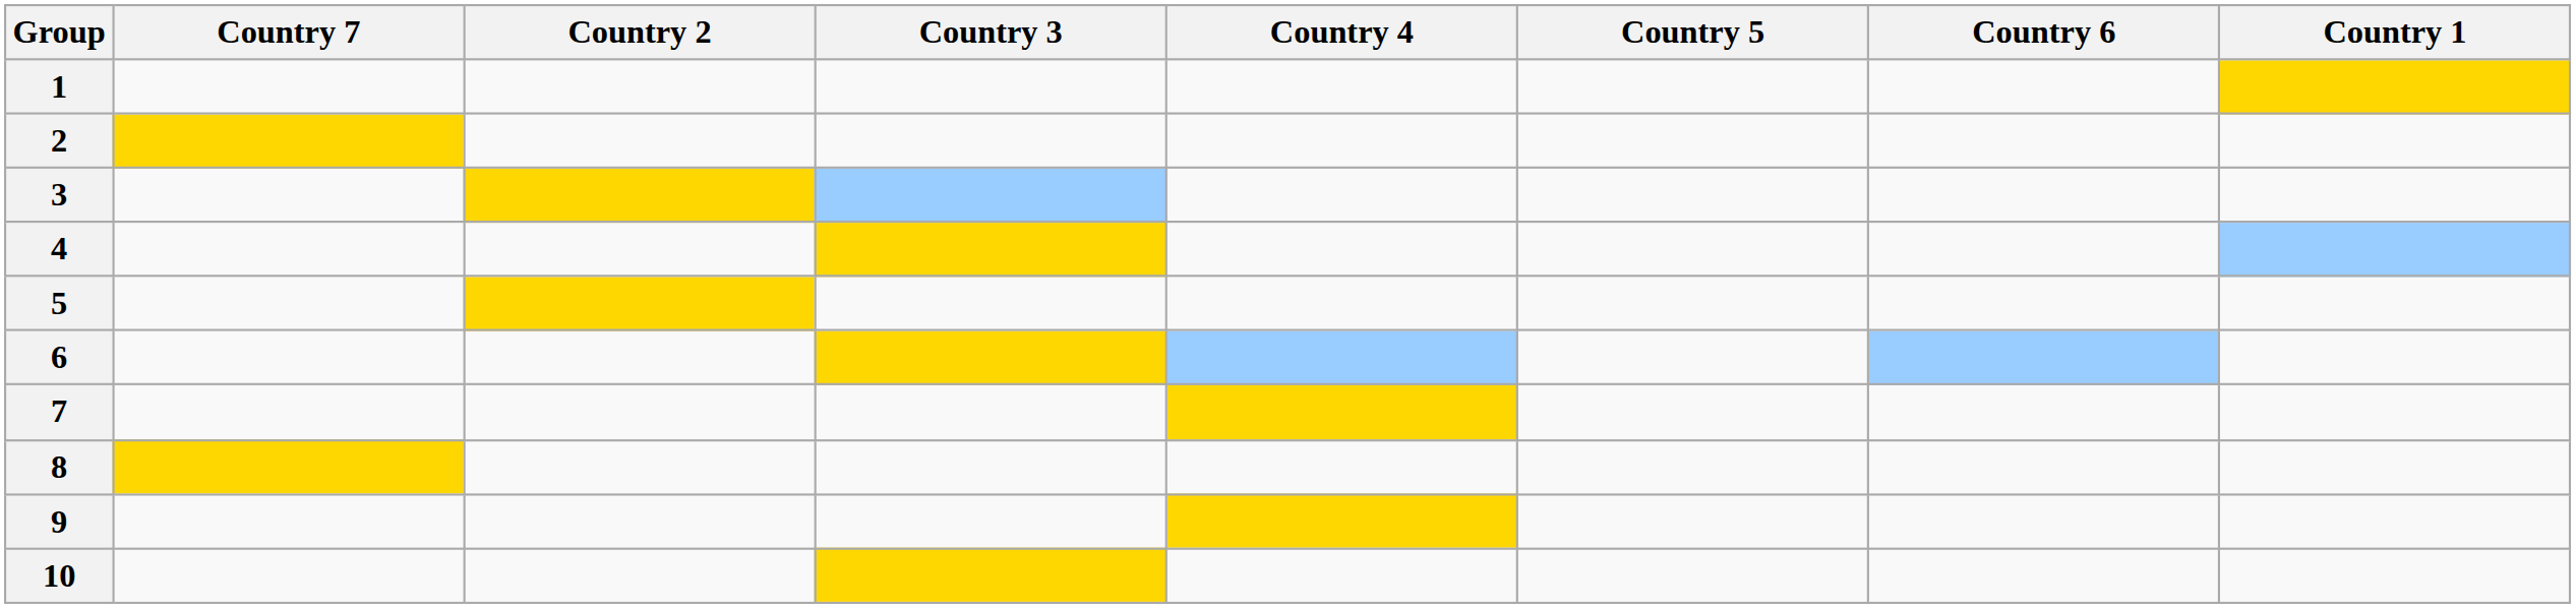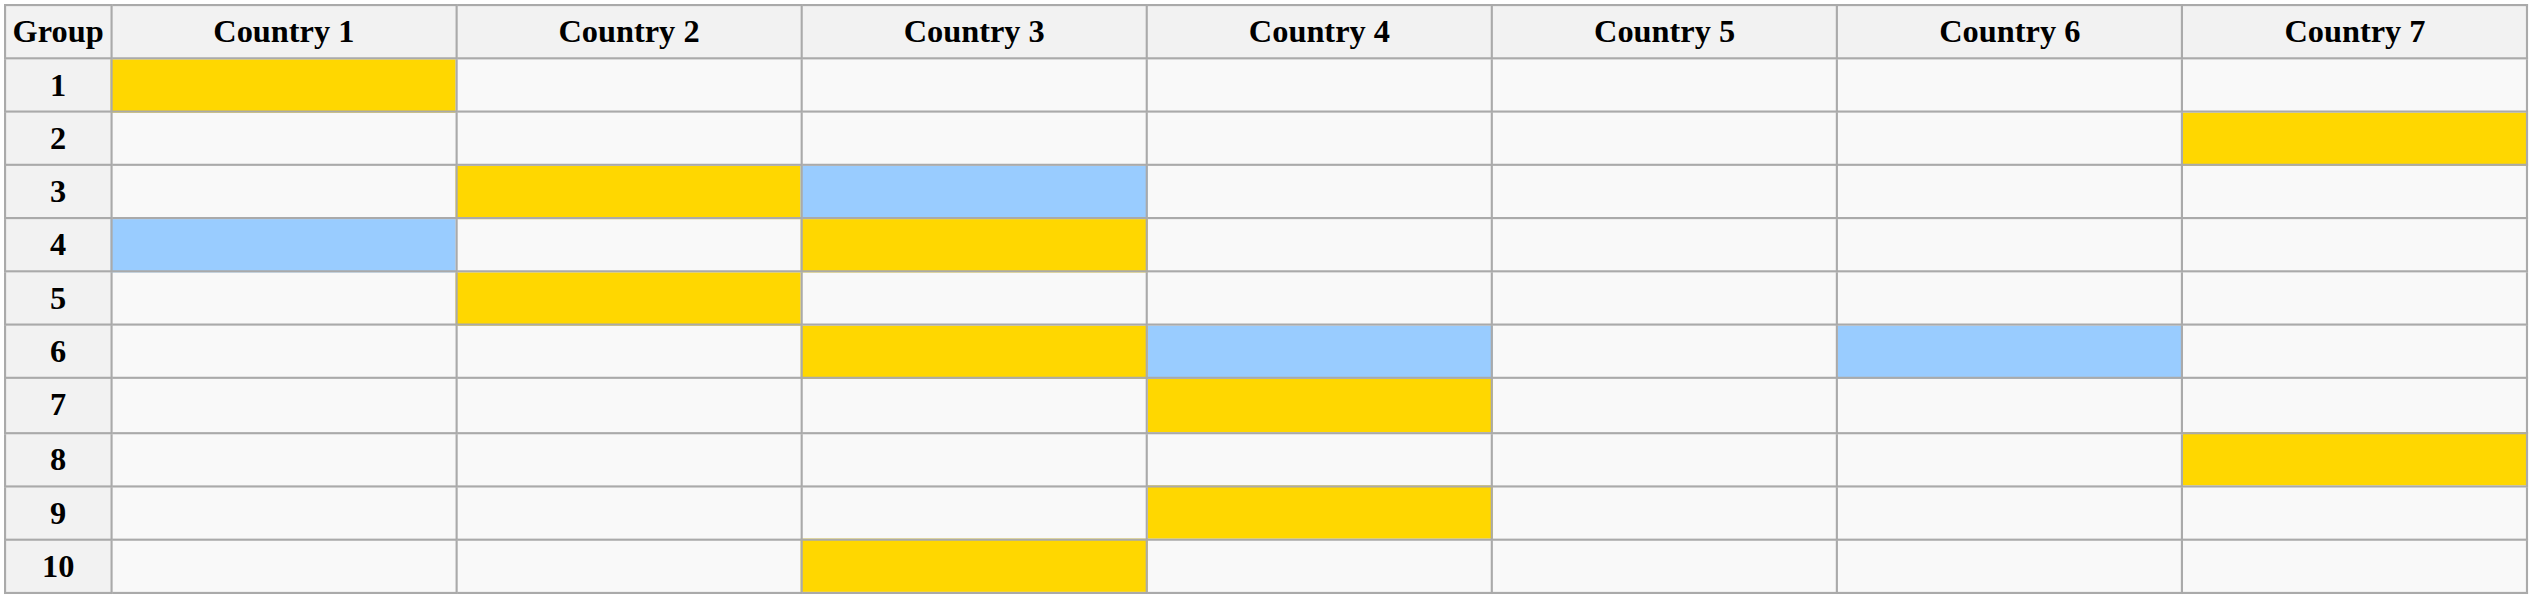 <table class="wikitable sortable" style="font-size: 95%;">
 <tr>
 <th>Group</th>
-<th width="155">Country 7</th>
+<th width="155">Country 1</th>
 <th width="155">Country 2</th>
 <th width="155">Country 3</th>
 <th width="155">Country 4</th>
 <th width="155">Country 5</th>
 <th width="155">Country 6</th>
-<th width="155">Country 1</th>
+<th width="155">Country 7</th>
 </tr>
 <tr>
 <th>1</th>
+<td bgcolor="gold"></td>
+<td></td>
+<td></td>
+<td></td>
+<td></td>
+<td></td>
+<td></td>
+</tr>
+<tr>
+<th>2</th>
 <td></td>
 <td></td>
 <td></td>
 <td></td>
 <td></td>
 <td></td>
 <td bgcolor="gold"></td>
-</tr>
-<tr>
-<th>2</th>
-<td bgcolor="gold"></td>
-<td></td>
-<td></td>
-<td></td>
-<td></td>
-<td></td>
-<td></td>
 </tr>
 <tr>
 <th>3<br></th>
 <td></td>
 <td bgcolor="gold"></td>
 <td bgcolor="99CCFF"></td>
 <td></td>
 <td></td>
 <td></td>
 <td></td>
 </tr>
 <tr>
 <th>4<br></th>
-<td></td>
+<td bgcolor="99CCFF"></td>
 <td></td>
 <td bgcolor="gold"></td>
 <td></td>
 <td></td>
 <td></td>
-<td bgcolor="99CCFF"></td>
+<td></td>
 </tr>
 <tr>
 <th>5</th>
 <td></td>
 <td bgcolor="gold"></td>
 <td></td>
 <td></td>
 <td></td>
 <td></td>
 <td></td>
 </tr>
 <tr>
 <th>6<br></th>
 <td></td>
 <td></td>
 <td bgcolor="gold"></td>
 <td bgcolor="99CCFF"></td>
 <td></td>
 <td bgcolor="99CCFF"></td>
 <td></td>
 </tr>
 <tr>
 <th>7</th>
 <td></td>
 <td></td>
 <td></td>
 <td bgcolor="gold"></td>
 <td></td>
 <td></td>
 <td></td>
 </tr>
 <tr>
 <th>8</th>
-<td bgcolor="gold"></td>
 <td></td>
 <td></td>
 <td></td>
 <td></td>
 <td></td>
 <td></td>
+<td bgcolor="gold"></td>
 </tr>
 <tr>
 <th>9</th>
 <td></td>
 <td></td>
 <td></td>
 <td bgcolor="gold"></td>
 <td></td>
 <td></td>
 <td></td>
 </tr>
 <tr>
 <th>10</th>
 <td></td>
 <td></td>
 <td bgcolor="gold"></td>
 <td></td>
 <td></td>
 <td></td>
 <td></td>
 </tr>
 </table>
